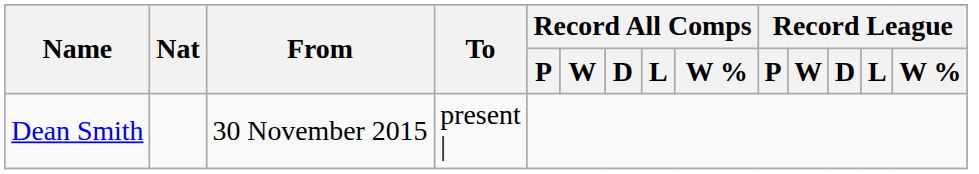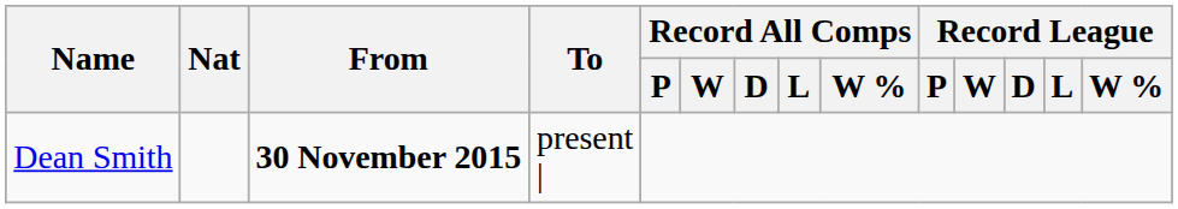 <table class="wikitable" style="text-align: center">
 <tr>
 <th rowspan="2">Name</th>
 <th rowspan="2">Nat</th>
 <th rowspan="2">From</th>
 <th rowspan="2">To</th>
 <th colspan="5">Record All Comps</th>
 <th colspan="5">Record League</th>
 </tr>
 <tr>
 <th>P</th>
 <th>W</th>
 <th>D</th>
 <th>L</th>
 <th>W %</th>
 <th>P</th>
 <th>W</th>
 <th>D</th>
 <th>L</th>
 <th>W %</th>
 </tr>
 <tr>
 <td align=left><a href='#'>Dean Smith</a></td>
 <td></td>
-<td align=left>30 November 2015</td>
+<td align=left><strong>30 November 2015</strong></td>
 <td align=left>present<br>|</td>
 </tr>
 </table>
